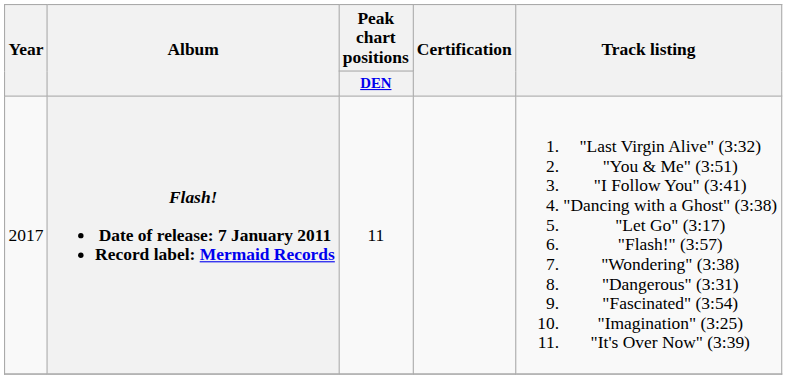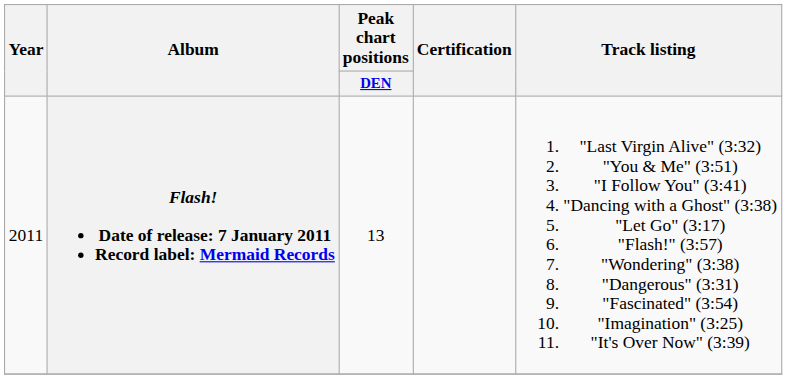 <table class="wikitable plainrowheaders" style="text-align:center;" border="1">
 <tr>
 <th scope="col" rowspan="2">Year</th>
 <th scope="col" rowspan="2">Album</th>
 <th scope="col" colspan="1">Peak chart positions</th>
 <th scope="col" rowspan="2">Certification</th>
 <th scope="col" rowspan="2">Track listing</th>
 </tr>
 <tr>
 <th scope="col" style="width:3em;font-size:85%;"><a href='#'>DEN</a><br></th>
 </tr>
 <tr>
-<td>2017</td>
+<td>2011</td>
 <th scope="row"><em>Flash!</em><br><ul><li>Date of release: 7 January 2011</li><li>Record label: <a href='#'>Mermaid Records</a></li></ul></th>
-<td>11</td>
+<td>13</td>
 <td></td>
 <td><br><ol><li>"Last Virgin Alive" (3:32)</li><li>"You & Me" (3:51)</li><li>"I Follow You" (3:41)</li><li>"Dancing with a Ghost" (3:38)</li><li>"Let Go" (3:17)</li><li>"Flash!" (3:57)</li><li>"Wondering" (3:38)</li><li>"Dangerous" (3:31)</li><li>"Fascinated" (3:54)</li><li>"Imagination" (3:25)</li><li>"It's Over Now" (3:39)</li></ol></td>
 </tr>
 <tr>
 </tr>
 </table>
